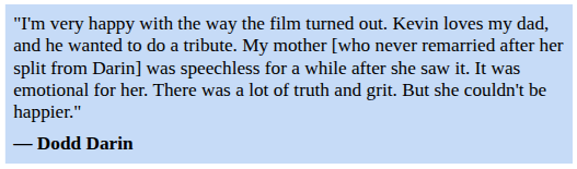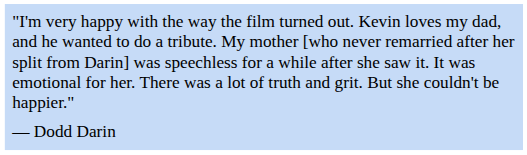 <table class="toccolours" style="float: right; margin-left: 1em; margin-right: 2em; font-size: 85%; background:#c6dbf7; color:black; width:30em; max-width: 40%;" cellspacing="5">
 <tr>
 <td style="text-align: left;">"I'm very happy with the way the film turned out. Kevin loves my dad, and he wanted to do a tribute. My mother [who never remarried after her split from Darin] was speechless for a while after she saw it. It was emotional for her. There was a lot of truth and grit. But she couldn't be happier."</td>
 </tr>
 <tr>
-<td style="text-align: left;"><strong>— Dodd Darin</strong></td>
+<td style="text-align: left;">— Dodd Darin</td>
 </tr>
 </table>
